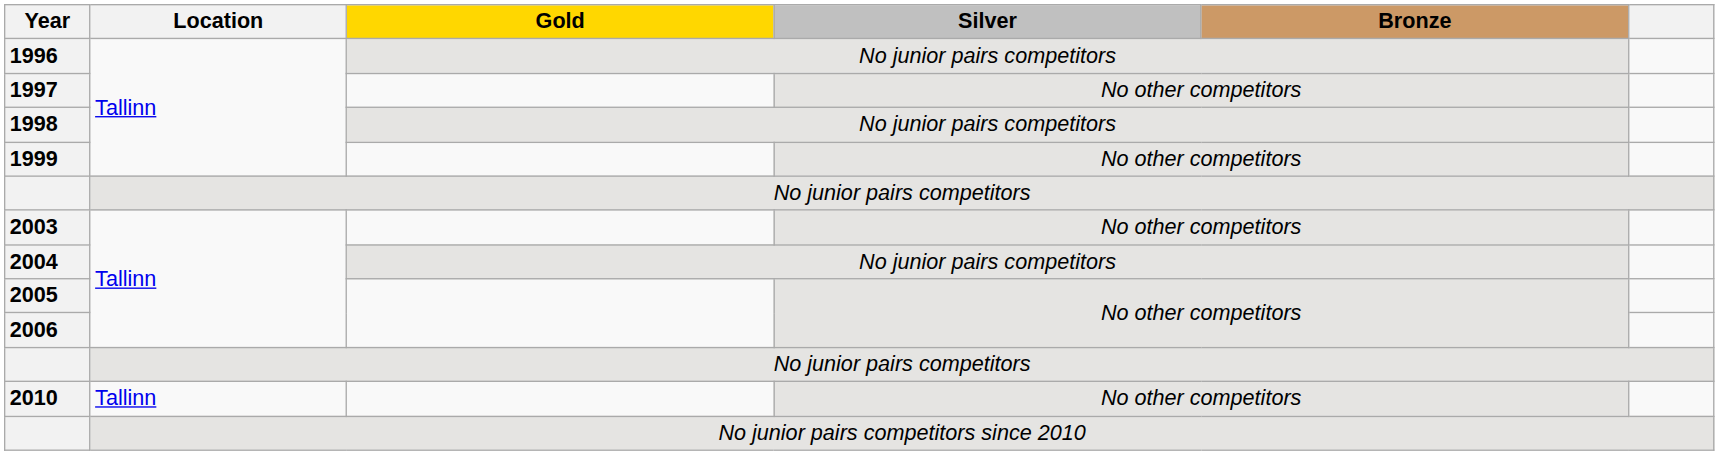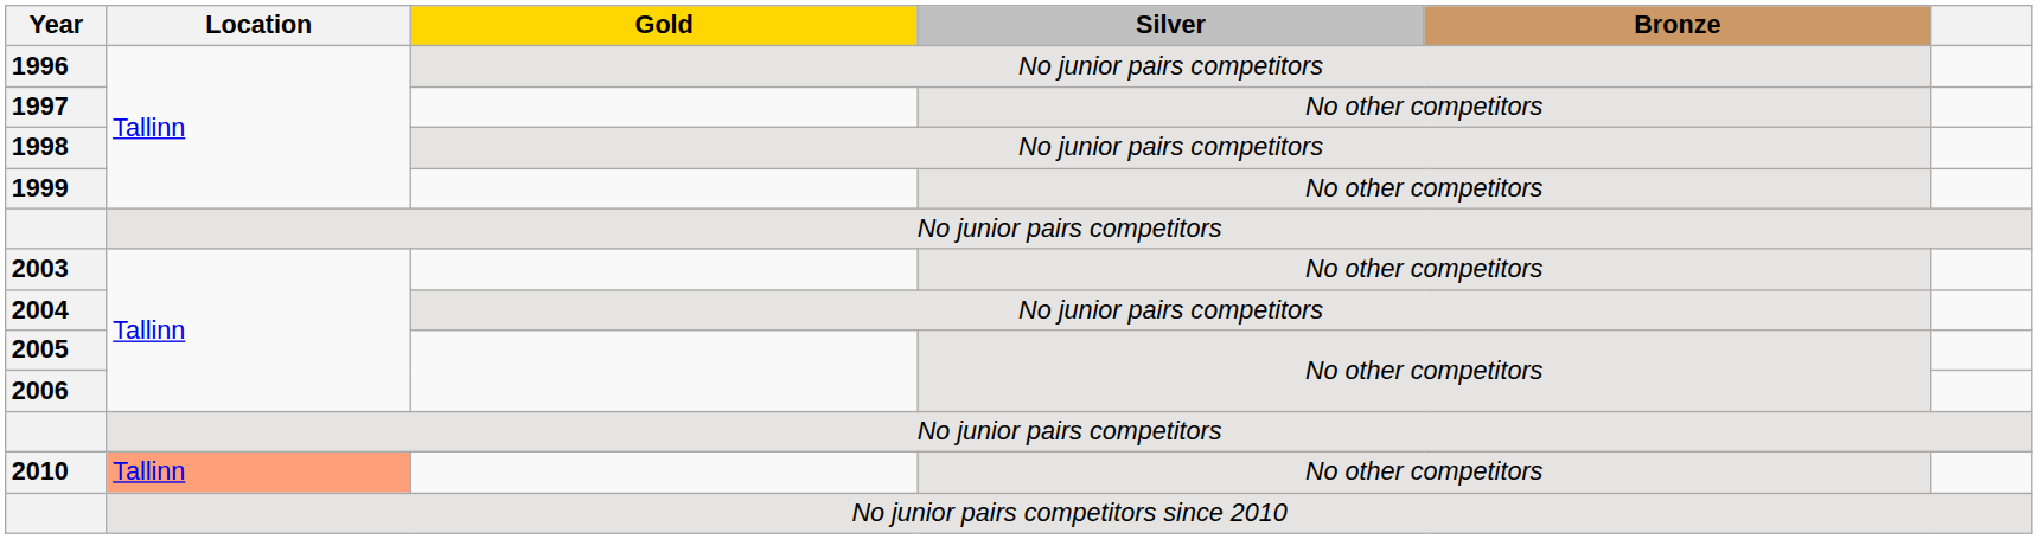 <table class="wikitable unsortable" style="text-align:left; width:80%">
 <tr>
 <th scope="col" style="text-align:center; width:5%">Year</th>
 <th scope="col" style="text-align:center; width:15%">Location</th>
 <th scope="col" style="text-align:center; width:25%; background:gold">Gold</th>
 <th scope="col" style="text-align:center; width:25%; background:silver">Silver</th>
 <th scope="col" style="text-align:center; width:25%; background:#c96">Bronze</th>
 <th scope="col" style="text-align:center; width:5%"></th>
 </tr>
 <tr>
 <th scope="row" style="text-align:left">1996</th>
 <td rowspan="4"><a href='#'>Tallinn</a></td>
 <td colspan="3" align="center" bgcolor="e5e4e2"><em>No junior pairs competitors</em></td>
 <td></td>
 </tr>
 <tr>
 <th scope="row" style="text-align:left">1997</th>
 <td></td>
 <td colspan="2" align="center" bgcolor="e5e4e2"><em>No other competitors</em></td>
 <td></td>
 </tr>
 <tr>
 <th scope="row" style="text-align:left">1998</th>
 <td colspan="3" align="center" bgcolor="e5e4e2"><em>No junior pairs competitors</em></td>
 <td></td>
 </tr>
 <tr>
 <th scope="row" style="text-align:left">1999</th>
 <td></td>
 <td colspan="2" align="center" bgcolor="e5e4e2"><em>No other competitors</em></td>
 <td></td>
 </tr>
 <tr>
 <th scope="row" style="text-align:left"></th>
 <td colspan="5" align="center" bgcolor="e5e4e2"><em>No junior pairs competitors</em></td>
 </tr>
 <tr>
 <th scope="row" style="text-align:left">2003</th>
 <td rowspan="4"><a href='#'>Tallinn</a></td>
 <td></td>
 <td colspan="2" align="center" bgcolor="e5e4e2"><em>No other competitors</em></td>
 <td></td>
 </tr>
 <tr>
 <th scope="row" style="text-align:left">2004</th>
 <td colspan="3" align="center" bgcolor="e5e4e2"><em>No junior pairs competitors</em></td>
 <td></td>
 </tr>
 <tr>
 <th scope="row" style="text-align:left">2005</th>
 <td rowspan="2"></td>
 <td colspan="2" rowspan="2" align="center" bgcolor="e5e4e2"><em>No other competitors</em></td>
 <td></td>
 </tr>
 <tr>
 <th scope="row" style="text-align:left">2006</th>
 <td></td>
 </tr>
 <tr>
 <th scope="row" style="text-align:left"></th>
 <td colspan="5" align="center" bgcolor="e5e4e2"><em>No junior pairs competitors</em></td>
 </tr>
 <tr>
 <th scope="row" style="text-align:left">2010</th>
-<td><a href='#'>Tallinn</a></td>
+<td style="background: lightsalmon;"><a href='#'>Tallinn</a></td>
 <td></td>
 <td colspan="2" align="center" bgcolor="e5e4e2"><em>No other competitors</em></td>
 <td></td>
 </tr>
 <tr>
 <th scope="row" style="text-align:left"></th>
 <td colspan="5" align="center" bgcolor="e5e4e2"><em>No junior pairs competitors since 2010</em></td>
 </tr>
 </table>
